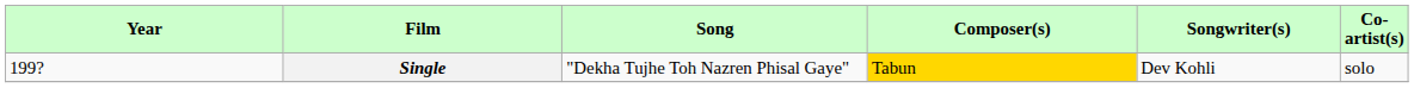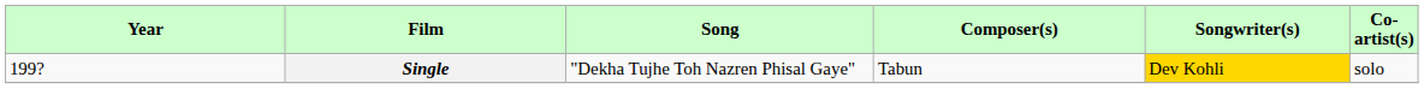 <table class="wikitable plainrowheaders" width="100%" textcolor:#000;">
 <tr style="background:#cfc; text-align:center;">
 <td scope="col" width=21%><strong>Year</strong></td>
 <td scope="col" width=21%><strong>Film</strong></td>
 <td scope="col" width=23%><strong>Song</strong></td>
 <td scope="col" width=20%><strong>Composer(s)</strong></td>
 <td scope="col" width=20%><strong>Songwriter(s)</strong></td>
 <td scope="col" width=21%><strong>Co-artist(s)</strong></td>
 </tr>
 <tr>
 <td>199?</td>
 <th><em>Single</em></th>
 <td>"Dekha Tujhe Toh Nazren Phisal Gaye"</td>
-<td style="background: gold;">Tabun</td>
-<td>Dev Kohli</td>
+<td>Tabun</td>
+<td style="background: gold;">Dev Kohli</td>
 <td>solo</td>
 </tr>
 <tr>
 </tr>
 </table>
